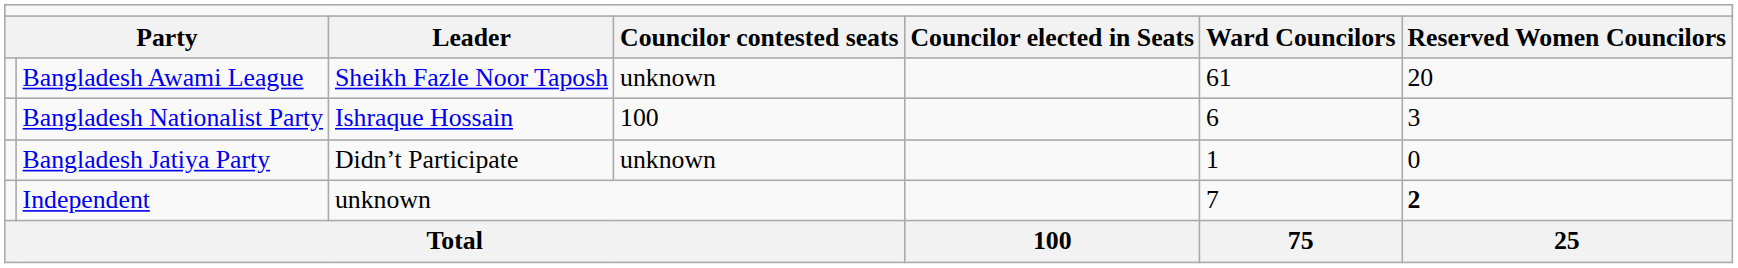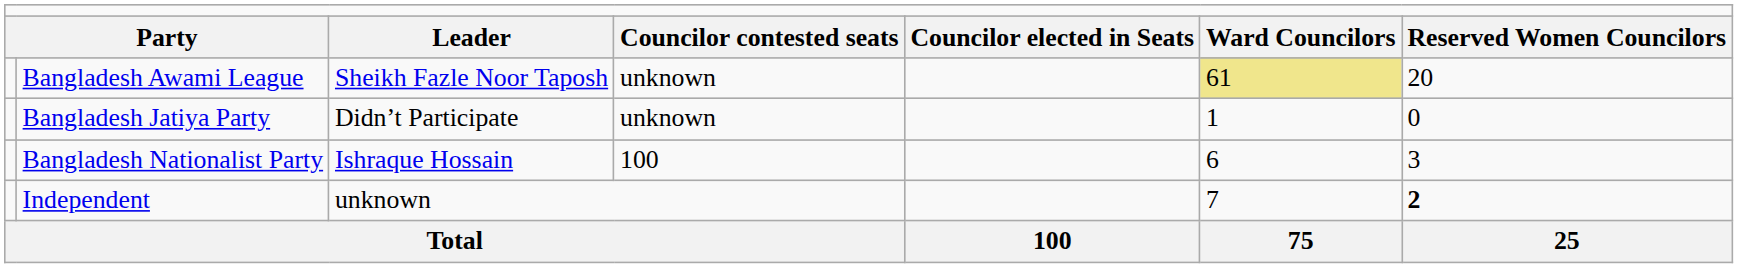 <table class="wikitable">
 <tr>
 <td colspan="7"></td>
 </tr>
 <tr>
 <th colspan="2">Party</th>
 <th>Leader</th>
 <th>Councilor contested seats</th>
 <th>Councilor elected in Seats</th>
 <th>Ward Councilors</th>
 <th>Reserved Women Councilors</th>
 </tr>
 <tr>
 <td></td>
 <td><a href='#'>Bangladesh Awami League</a></td>
 <td><a href='#'>Sheikh Fazle Noor Taposh</a></td>
 <td>unknown</td>
 <td></td>
-<td>61</td>
+<td style="background: khaki;">61</td>
 <td>20</td>
+</tr>
+<tr>
+<td></td>
+<td><a href='#'>Bangladesh Jatiya Party</a></td>
+<td>Didn’t Participate</td>
+<td>unknown</td>
+<td></td>
+<td>1</td>
+<td>0</td>
 </tr>
 <tr>
 <td></td>
 <td><a href='#'>Bangladesh Nationalist Party</a></td>
 <td><a href='#'>Ishraque Hossain</a></td>
 <td>100</td>
 <td></td>
 <td>6</td>
 <td>3</td>
-</tr>
-<tr>
-<td></td>
-<td><a href='#'>Bangladesh Jatiya Party</a></td>
-<td>Didn’t Participate</td>
-<td>unknown</td>
-<td></td>
-<td>1</td>
-<td>0</td>
 </tr>
 <tr>
 <td></td>
 <td><a href='#'>Independent</a></td>
 <td colspan="2">unknown</td>
 <td></td>
 <td>7</td>
 <td><strong>2</strong></td>
 </tr>
 <tr>
 <th colspan="4">Total</th>
 <th>100</th>
 <th>75</th>
 <th>25</th>
 </tr>
 </table>
